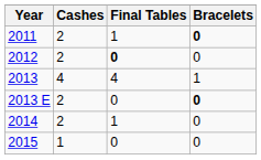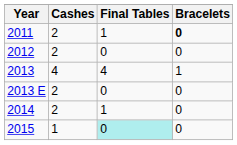 <table class="wikitable">
 <tr>
 </tr>
 <tr>
 <th>Year</th>
 <th>Cashes</th>
 <th>Final Tables</th>
 <th>Bracelets</th>
 </tr>
 <tr>
 <td><a href='#'>2011</a></td>
 <td>2</td>
 <td>1</td>
 <td><strong>0</strong></td>
 </tr>
 <tr>
 <td><a href='#'>2012</a></td>
 <td>2</td>
-<td><strong>0</strong></td>
+<td>0</td>
 <td>0</td>
 </tr>
 <tr>
 <td><a href='#'>2013</a></td>
 <td>4</td>
 <td>4</td>
 <td>1</td>
 </tr>
 <tr>
 <td><a href='#'>2013 E</a></td>
 <td>2</td>
 <td>0</td>
-<td><strong>0</strong></td>
+<td>0</td>
 </tr>
 <tr>
 <td><a href='#'>2014</a></td>
 <td>2</td>
 <td>1</td>
 <td>0</td>
 </tr>
 <tr>
 <td><a href='#'>2015</a></td>
 <td>1</td>
-<td>0</td>
+<td style="background: paleturquoise;">0</td>
 <td>0</td>
 </tr>
 </table>
